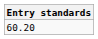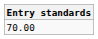 <table class="wikitable" border="1" align="upright">
 <tr>
 <th>Entry standards</th>
 </tr>
 <tr>
-<td>60.20</td>
+<td>70.00</td>
 </tr>
 </table>
